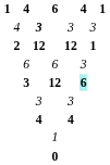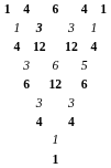 <table style="text-align:center; line-height:1.2em; margin:0.5em auto">
 <tr style="font-weight:bold">
 <td>1</td>
 <td></td>
 <td>4</td>
 <td></td>
 <td>6</td>
 <td></td>
 <td>4</td>
 <td></td>
 <td>1</td>
 </tr>
 <tr style="font-style:italic">
 <td></td>
-<td>4</td>
+<td>1</td>
 <td></td>
 <td><strong>3</strong></td>
 <td></td>
 <td>3</td>
 <td></td>
-<td>3</td>
+<td>1</td>
 </tr>
 <tr style="font-weight:bold">
 <td></td>
-<td>2</td>
+<td>4</td>
 <td></td>
 <td>12</td>
 <td></td>
 <td>12</td>
 <td></td>
-<td>1</td>
+<td>4</td>
 </tr>
 <tr style="font-style:italic">
 <td></td>
 <td></td>
-<td>6</td>
+<td>3</td>
 <td></td>
 <td>6</td>
 <td></td>
-<td>3</td>
+<td>5</td>
 </tr>
 <tr style="font-weight:bold">
 <td></td>
 <td></td>
-<td>3</td>
+<td>6</td>
 <td></td>
 <td>12</td>
 <td></td>
-<td style="background: paleturquoise;">6</td>
+<td>6</td>
 </tr>
 <tr style="font-style:italic">
 <td></td>
 <td></td>
 <td></td>
 <td>3</td>
 <td></td>
 <td>3</td>
 </tr>
 <tr style="font-weight:bold">
 <td></td>
 <td></td>
 <td></td>
 <td>4</td>
 <td></td>
 <td>4</td>
 </tr>
 <tr style="font-style:italic">
 <td></td>
 <td></td>
 <td></td>
 <td></td>
 <td>1</td>
 </tr>
 <tr style="font-weight:bold">
 <td></td>
 <td></td>
 <td></td>
 <td></td>
-<td>0</td>
+<td>1</td>
 </tr>
 </table>
